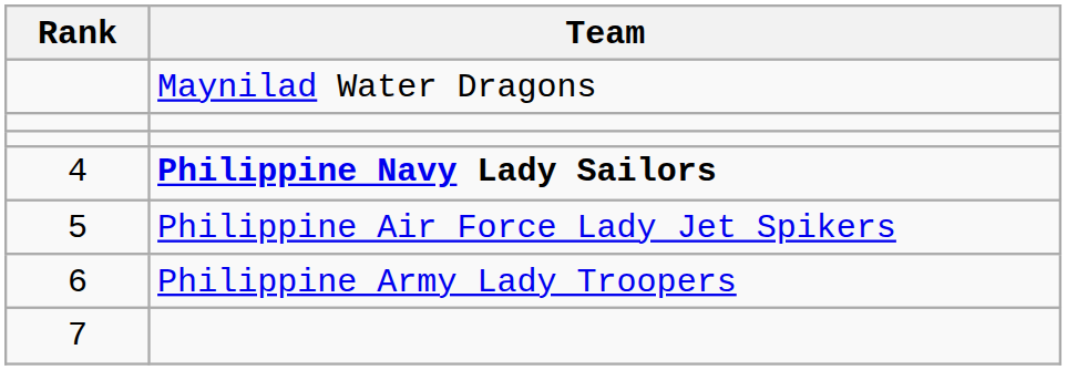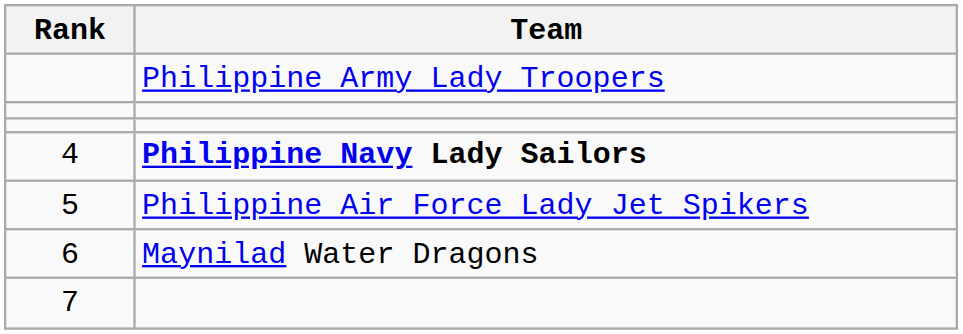 <table class="wikitable" style="text-align: center;">
 <tr>
 <th width=50>Rank</th>
 <th width=350>Team</th>
 </tr>
 <tr>
 <td></td>
-<td align="left"> <a href='#'>Maynilad</a> Water Dragons</td>
+<td align="left"> <a href='#'>Philippine Army Lady Troopers</a></td>
 </tr>
 <tr>
 <td></td>
 <td align="left"></td>
 </tr>
 <tr>
 <td></td>
 <td align="left"></td>
 </tr>
 <tr>
 <td>4</td>
 <td align="left"><strong> <a href='#'>Philippine Navy</a> Lady Sailors</strong></td>
 </tr>
 <tr>
 <td>5</td>
 <td align="left"> <a href='#'>Philippine Air Force Lady Jet Spikers</a></td>
 </tr>
 <tr>
 <td>6</td>
-<td align="left"> <a href='#'>Philippine Army Lady Troopers</a></td>
+<td align="left"> <a href='#'>Maynilad</a> Water Dragons</td>
 </tr>
 <tr>
 <td>7</td>
 <td align="left"></td>
 </tr>
 </table>
